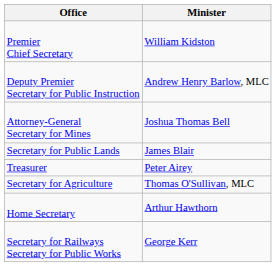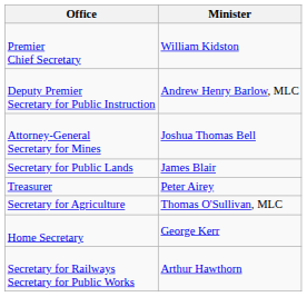 <table class="wikitable">
 <tr>
 <th>Office</th>
 <th>Minister</th>
 </tr>
 <tr>
 <td><br><a href='#'>Premier</a><br> <a href='#'>Chief Secretary</a><br></td>
 <td><a href='#'>William Kidston</a></td>
 </tr>
 <tr>
 <td><br><a href='#'>Deputy Premier</a><br> <a href='#'>Secretary for Public Instruction</a></td>
 <td><a href='#'>Andrew Henry Barlow</a>, MLC</td>
 </tr>
 <tr>
 <td><br><a href='#'>Attorney-General</a><br> <a href='#'>Secretary for Mines</a></td>
 <td><a href='#'>Joshua Thomas Bell</a></td>
 </tr>
 <tr>
 <td><a href='#'>Secretary for Public Lands</a></td>
 <td><a href='#'>James Blair</a></td>
 </tr>
 <tr>
 <td><a href='#'>Treasurer</a></td>
 <td><a href='#'>Peter Airey</a></td>
 </tr>
 <tr>
 <td><a href='#'>Secretary for Agriculture</a></td>
 <td><a href='#'>Thomas O'Sullivan</a>, MLC</td>
 </tr>
 <tr>
 <td><br><a href='#'>Home Secretary</a><br></td>
-<td><a href='#'>Arthur Hawthorn</a></td>
+<td><a href='#'>George Kerr</a></td>
 </tr>
 <tr>
 <td><br><a href='#'>Secretary for Railways</a><br> <a href='#'>Secretary for Public Works</a></td>
-<td><a href='#'>George Kerr</a></td>
+<td><a href='#'>Arthur Hawthorn</a></td>
 </tr>
 </table>
